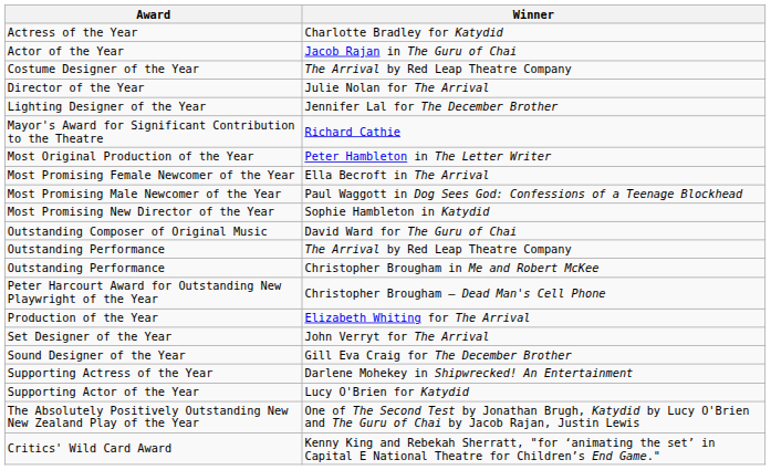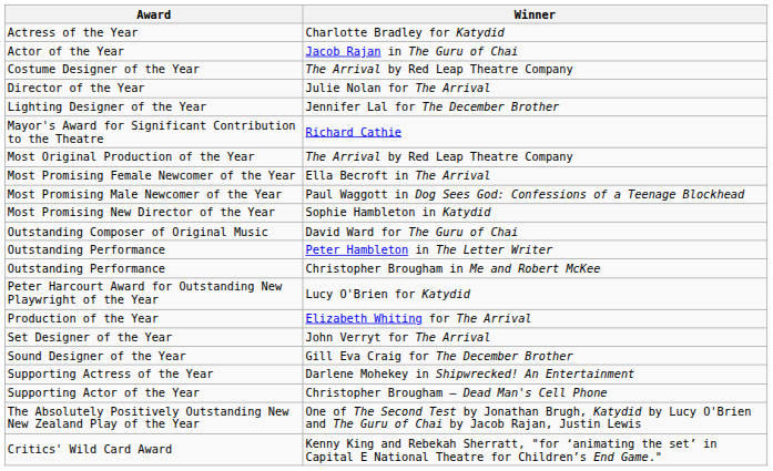 <table class="wikitable sortable">
 <tr>
 <th>Award</th>
 <th>Winner</th>
 </tr>
 <tr>
 <td>Actress of the Year</td>
 <td>Charlotte Bradley for <em>Katydid</em></td>
 </tr>
 <tr>
 <td>Actor of the Year</td>
 <td><a href='#'>Jacob Rajan</a> in <em>The Guru of Chai</em></td>
 </tr>
 <tr>
 <td>Costume Designer of the Year</td>
 <td><em>The Arrival</em> by Red Leap Theatre Company</td>
 </tr>
 <tr>
 <td>Director of the Year</td>
 <td>Julie Nolan for <em>The Arrival</em> </td>
 </tr>
 <tr>
 <td>Lighting Designer of the Year</td>
 <td>Jennifer Lal for <em>The December Brother</em></td>
 </tr>
 <tr>
 <td>Mayor's Award for Significant Contribution to the Theatre</td>
 <td><a href='#'>Richard Cathie</a></td>
 </tr>
 <tr>
 <td>Most Original Production of the Year</td>
-<td><a href='#'>Peter Hambleton</a> in <em>The Letter Writer</em></td>
+<td><em>The Arrival</em> by Red Leap Theatre Company</td>
 </tr>
 <tr>
 <td>Most Promising Female Newcomer of the Year</td>
 <td>Ella Becroft in <em>The Arrival</em></td>
 </tr>
 <tr>
 <td>Most Promising Male Newcomer of the Year</td>
 <td>Paul Waggott in <em>Dog Sees God: Confessions of a Teenage Blockhead</em> </td>
 </tr>
 <tr>
 <td>Most Promising New Director of the Year</td>
 <td>Sophie Hambleton in <em>Katydid</em></td>
 </tr>
 <tr>
 <td>Outstanding Composer of Original Music</td>
 <td>David Ward for <em>The Guru of Chai</em></td>
 </tr>
 <tr>
 <td>Outstanding Performance</td>
-<td><em>The Arrival</em> by Red Leap Theatre Company</td>
+<td><a href='#'>Peter Hambleton</a> in <em>The Letter Writer</em></td>
 </tr>
 <tr>
 <td>Outstanding Performance</td>
 <td>Christopher Brougham in <em>Me and Robert McKee</em></td>
 </tr>
 <tr>
 <td>Peter Harcourt Award for Outstanding New Playwright of the Year</td>
-<td>Christopher Brougham – <em>Dead Man's Cell Phone</em></td>
+<td>Lucy O'Brien for <em>Katydid</em></td>
 </tr>
 <tr>
 <td>Production of the Year</td>
 <td><a href='#'>Elizabeth Whiting</a> for <em>The Arrival</em></td>
 </tr>
 <tr>
 <td>Set Designer of the Year</td>
 <td>John Verryt for <em>The Arrival</em></td>
 </tr>
 <tr>
 <td>Sound Designer of the Year</td>
 <td>Gill Eva Craig for <em>The December Brother</em></td>
 </tr>
 <tr>
 <td>Supporting Actress of the Year</td>
 <td>Darlene Mohekey in <em>Shipwrecked! An Entertainment</em></td>
 </tr>
 <tr>
 <td>Supporting Actor of the Year</td>
-<td>Lucy O'Brien for <em>Katydid</em></td>
+<td>Christopher Brougham – <em>Dead Man's Cell Phone</em></td>
 </tr>
 <tr>
 <td>The Absolutely Positively Outstanding New New Zealand Play of the Year</td>
 <td>One of <em>The Second Test</em> by Jonathan Brugh, <em>Katydid</em> by Lucy O'Brien and <em>The Guru of Chai</em> by Jacob Rajan, Justin Lewis</td>
 </tr>
 <tr>
 <td>Critics' Wild Card Award</td>
 <td>Kenny King and Rebekah Sherratt, "for ‘animating the set’ in Capital E National Theatre for Children’s <em>End Game</em>."</td>
 </tr>
 </table>
